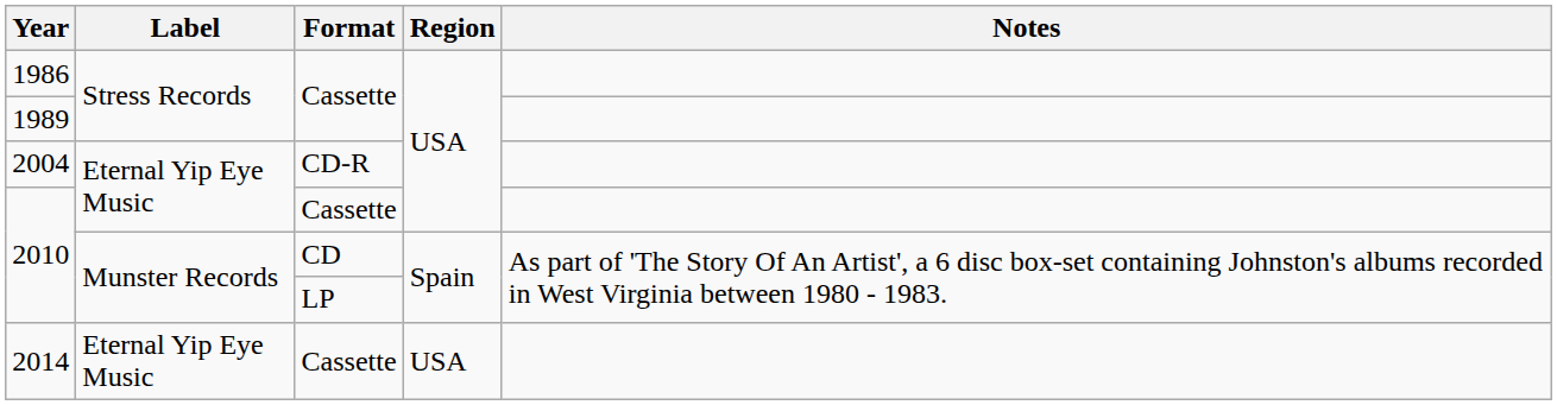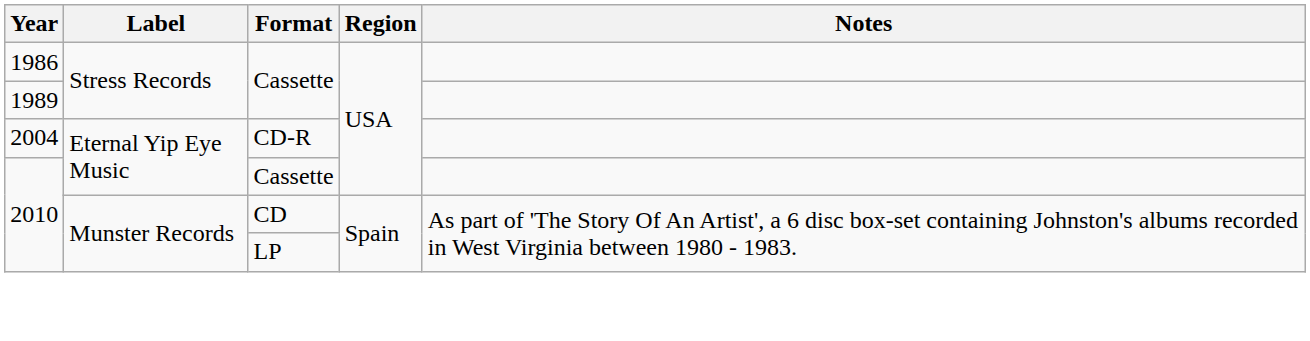 <table class="wikitable">
 <tr>
 <th>Year</th>
 <th>Label</th>
 <th>Format</th>
 <th>Region</th>
 <th>Notes</th>
 </tr>
 <tr>
 <td>1986</td>
 <td rowspan="2">Stress Records</td>
 <td rowspan="2">Cassette</td>
 <td rowspan="4">USA</td>
 <td></td>
 </tr>
 <tr>
 <td>1989</td>
 <td></td>
 </tr>
 <tr>
 <td>2004</td>
 <td rowspan="2">Eternal Yip Eye Music</td>
 <td>CD-R</td>
 <td></td>
 </tr>
 <tr>
 <td rowspan="3">2010</td>
 <td>Cassette</td>
 <td></td>
 </tr>
 <tr>
 <td rowspan="2">Munster Records</td>
 <td>CD</td>
 <td rowspan="2">Spain</td>
 <td rowspan="2">As part of 'The Story Of An Artist', a 6 disc box-set containing Johnston's albums recorded in West Virginia between 1980 - 1983.</td>
 </tr>
 <tr>
 <td>LP</td>
 </tr>
-<tr>
-<td>2014</td>
-<td>Eternal Yip Eye Music</td>
-<td>Cassette</td>
-<td>USA</td>
-<td></td>
-</tr>
 </table>
